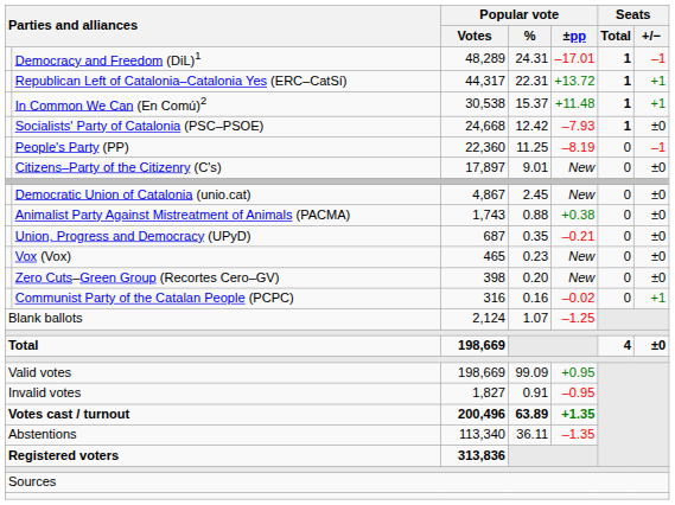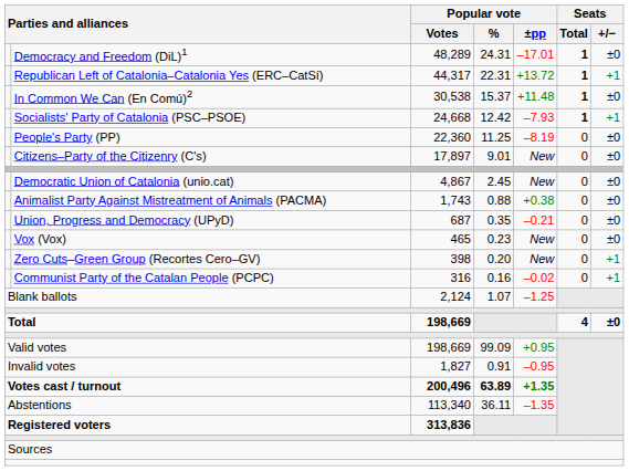 <table class="wikitable" style="text-align:right;">
 <tr>
 <th style="text-align:left;" rowspan="2" colspan="2" width="525">Parties and alliances</th>
 <th colspan="3">Popular vote</th>
 <th colspan="2">Seats</th>
 </tr>
 <tr>
 <th width="75">Votes</th>
 <th width="45">%</th>
 <th width="45">±<a href='#'>pp</a></th>
 <th width="35">Total</th>
 <th width="35">+/−</th>
 </tr>
 <tr>
 <td width="1" style="color:inherit;background:"></td>
 <td align="left"><a href='#'>Democracy and Freedom</a> (DiL)<sup>1</sup></td>
 <td>48,289</td>
 <td>24.31</td>
 <td style="color:red;">–17.01</td>
 <td><strong>1</strong></td>
-<td style="color:red;">–1</td>
+<td>±0</td>
 </tr>
 <tr>
 <td style="color:inherit;background:"></td>
 <td align="left"><a href='#'>Republican Left of Catalonia–Catalonia Yes</a> (ERC–CatSí)</td>
 <td>44,317</td>
 <td>22.31</td>
 <td style="color:green;">+13.72</td>
 <td><strong>1</strong></td>
 <td style="color:green;">+1</td>
 </tr>
 <tr>
 <td style="color:inherit;background:"></td>
 <td align="left"><a href='#'>In Common We Can</a> (En Comú)<sup>2</sup></td>
 <td>30,538</td>
 <td>15.37</td>
 <td style="color:green;">+11.48</td>
 <td><strong>1</strong></td>
-<td style="color:green;">+1</td>
+<td>±0</td>
 </tr>
 <tr>
 <td style="color:inherit;background:"></td>
 <td align="left"><a href='#'>Socialists' Party of Catalonia</a> (PSC–PSOE)</td>
 <td>24,668</td>
 <td>12.42</td>
 <td style="color:red;">–7.93</td>
 <td><strong>1</strong></td>
-<td>±0</td>
+<td style="color:green;">+1</td>
 </tr>
 <tr>
 <td style="color:inherit;background:"></td>
 <td align="left"><a href='#'>People's Party</a> (PP)</td>
 <td>22,360</td>
 <td>11.25</td>
 <td style="color:red;">–8.19</td>
 <td>0</td>
-<td style="color:red;">–1</td>
+<td>±0</td>
 </tr>
 <tr>
 <td style="color:inherit;background:"></td>
 <td align="left"><a href='#'>Citizens–Party of the Citizenry</a> (C's)</td>
 <td>17,897</td>
 <td>9.01</td>
 <td><em>New</em></td>
 <td>0</td>
 <td>±0</td>
 </tr>
 <tr>
 <td colspan="7" bgcolor="#C0C0C0"></td>
 </tr>
 <tr>
 <td style="color:inherit;background:"></td>
 <td align="left"><a href='#'>Democratic Union of Catalonia</a> (unio.cat)</td>
 <td>4,867</td>
 <td>2.45</td>
 <td><em>New</em></td>
 <td>0</td>
 <td>±0</td>
 </tr>
 <tr>
 <td style="color:inherit;background:"></td>
 <td align="left"><a href='#'>Animalist Party Against Mistreatment of Animals</a> (PACMA)</td>
 <td>1,743</td>
 <td>0.88</td>
 <td style="color:green;">+0.38</td>
 <td>0</td>
 <td>±0</td>
 </tr>
 <tr>
 <td style="color:inherit;background:"></td>
 <td align="left"><a href='#'>Union, Progress and Democracy</a> (UPyD)</td>
 <td>687</td>
 <td>0.35</td>
 <td style="color:red;">–0.21</td>
 <td>0</td>
 <td>±0</td>
 </tr>
 <tr>
 <td style="color:inherit;background:"></td>
 <td align="left"><a href='#'>Vox</a> (Vox)</td>
 <td>465</td>
 <td>0.23</td>
 <td><em>New</em></td>
 <td>0</td>
 <td>±0</td>
 </tr>
 <tr>
 <td style="color:inherit;background:"></td>
 <td align="left"><a href='#'>Zero Cuts</a>–<a href='#'>Green Group</a> (Recortes Cero–GV)</td>
 <td>398</td>
 <td>0.20</td>
 <td><em>New</em></td>
 <td>0</td>
-<td>±0</td>
+<td style="color:green;">+1</td>
 </tr>
 <tr>
 <td style="color:inherit;background:"></td>
 <td align="left"><a href='#'>Communist Party of the Catalan People</a> (PCPC)</td>
 <td>316</td>
 <td>0.16</td>
 <td style="color:red;">–0.02</td>
 <td>0</td>
 <td style="color:green;">+1</td>
 </tr>
 <tr>
 <td align="left" colspan="2">Blank ballots</td>
 <td>2,124</td>
 <td>1.07</td>
 <td style="color:red;">–1.25</td>
 <td bgcolor="#E9E9E9" colspan="2"></td>
 </tr>
 <tr>
 <td colspan="7" bgcolor="#E9E9E9"></td>
 </tr>
 <tr style="font-weight:bold;">
 <td align="left" colspan="2">Total</td>
 <td>198,669</td>
 <td bgcolor="#E9E9E9" colspan="2"></td>
 <td>4</td>
 <td>±0</td>
 </tr>
 <tr>
 <td colspan="7" bgcolor="#E9E9E9"></td>
 </tr>
 <tr>
 <td align="left" colspan="2">Valid votes</td>
 <td>198,669</td>
 <td>99.09</td>
 <td style="color:green;">+0.95</td>
 <td bgcolor="#E9E9E9" colspan="2" rowspan="5"></td>
 </tr>
 <tr>
 <td align="left" colspan="2">Invalid votes</td>
 <td>1,827</td>
 <td>0.91</td>
 <td style="color:red;">–0.95</td>
 </tr>
 <tr style="font-weight:bold;">
 <td align="left" colspan="2">Votes cast / turnout</td>
 <td>200,496</td>
 <td>63.89</td>
 <td style="color:green;">+1.35</td>
 </tr>
 <tr>
 <td align="left" colspan="2">Abstentions</td>
 <td>113,340</td>
 <td>36.11</td>
 <td style="color:red;">–1.35</td>
 </tr>
 <tr style="font-weight:bold;">
 <td align="left" colspan="2">Registered voters</td>
 <td>313,836</td>
 <td bgcolor="#E9E9E9" colspan="2"></td>
 </tr>
 <tr>
 <td colspan="7" bgcolor="#E9E9E9"></td>
 </tr>
 <tr>
 <td align="left" colspan="7">Sources</td>
 </tr>
 <tr>
 <td colspan="7" style="text-align:left; max-width:790px;"></td>
 </tr>
 </table>
